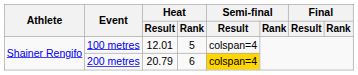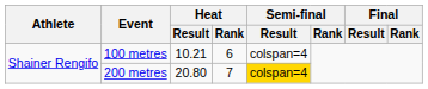 <table class="wikitable" style="font-size:90%">
 <tr>
 <th rowspan="2">Athlete</th>
 <th rowspan="2">Event</th>
 <th colspan="2">Heat</th>
 <th colspan="2">Semi-final</th>
 <th colspan="2">Final</th>
 </tr>
 <tr style="font-size:95%">
 <th>Result</th>
 <th>Rank</th>
 <th>Result</th>
 <th>Rank</th>
 <th>Result</th>
 <th>Rank</th>
 </tr>
 <tr align=center>
 <td align=left rowspan=2><a href='#'>Shainer Rengifo</a></td>
 <td align=left><a href='#'>100 metres</a></td>
-<td>12.01</td>
-<td>5</td>
+<td>10.21</td>
+<td>6</td>
 <td>colspan=4 </td>
 </tr>
 <tr align=center>
 <td align=left><a href='#'>200 metres</a></td>
-<td>20.79</td>
-<td>6</td>
+<td>20.80</td>
+<td>7</td>
 <td style="background: gold;">colspan=4 </td>
 </tr>
 </table>
